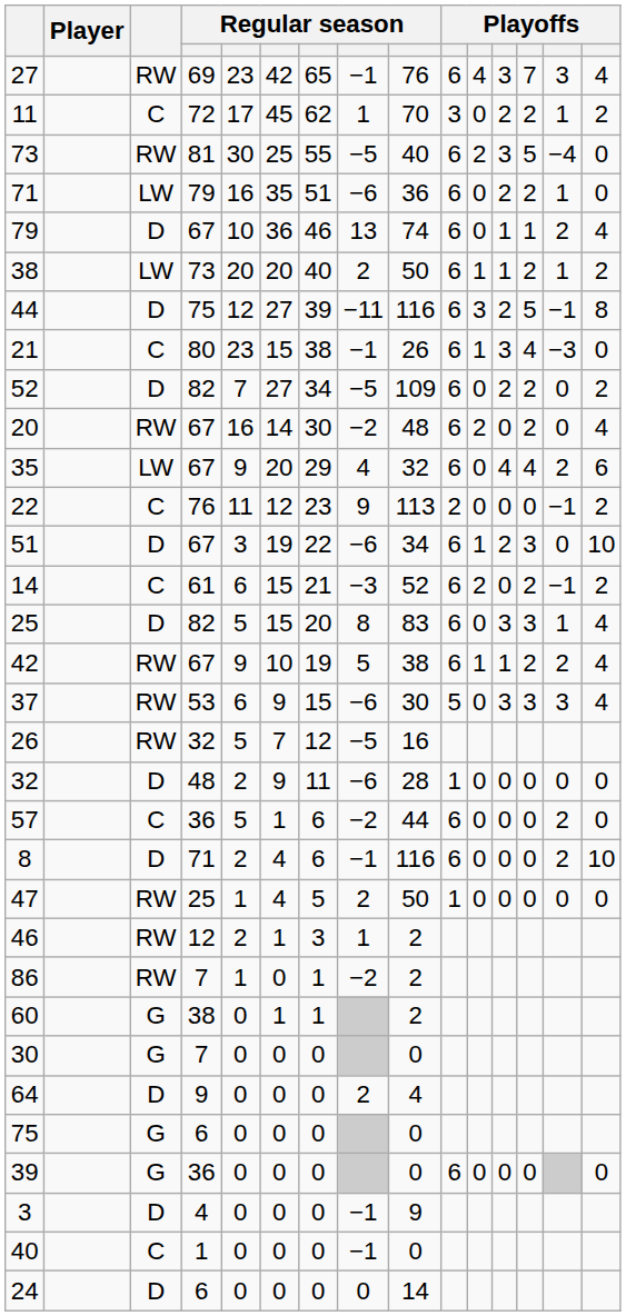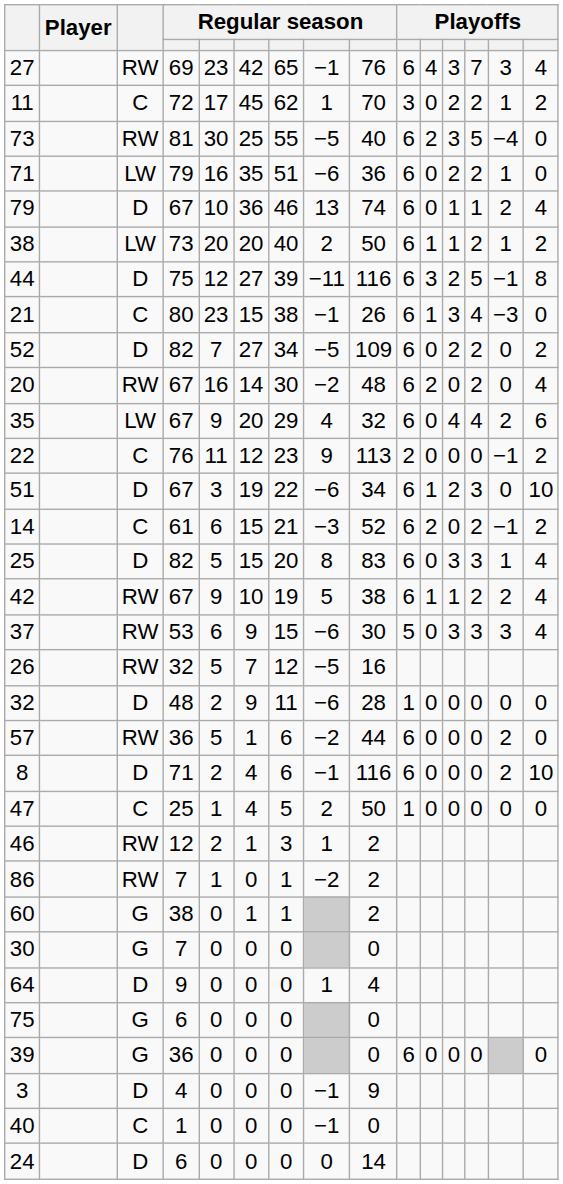 <table class="wikitable sortable plainrowheaders" style="text-align:center;">
 <tr>
 <th scope="col" data-sort-type="number" rowspan="2"></th>
 <th scope="col" rowspan="2">Player</th>
 <th scope="col" rowspan="2"></th>
 <th scope=colgroup colspan=6>Regular season</th>
 <th scope=colgroup colspan=6>Playoffs</th>
 </tr>
 <tr>
 <th scope="col" data-sort-type="number"></th>
 <th scope="col" data-sort-type="number"></th>
 <th scope="col" data-sort-type="number"></th>
 <th scope="col" data-sort-type="number"></th>
 <th scope="col" data-sort-type="number"></th>
 <th scope="col" data-sort-type="number"></th>
 <th scope="col" data-sort-type="number"></th>
 <th scope="col" data-sort-type="number"></th>
 <th scope="col" data-sort-type="number"></th>
 <th scope="col" data-sort-type="number"></th>
 <th scope="col" data-sort-type="number"></th>
 <th scope="col" data-sort-type="number"></th>
 </tr>
 <tr>
 <td scope="row">27</td>
 <td align="left"></td>
 <td>RW</td>
 <td>69</td>
 <td>23</td>
 <td>42</td>
 <td>65</td>
 <td>−1</td>
 <td>76</td>
 <td>6</td>
 <td>4</td>
 <td>3</td>
 <td>7</td>
 <td>3</td>
 <td>4</td>
 </tr>
 <tr>
 <td scope="row">11</td>
 <td align="left"></td>
 <td>C</td>
 <td>72</td>
 <td>17</td>
 <td>45</td>
 <td>62</td>
 <td>1</td>
 <td>70</td>
 <td>3</td>
 <td>0</td>
 <td>2</td>
 <td>2</td>
 <td>1</td>
 <td>2</td>
 </tr>
 <tr>
 <td scope="row">73</td>
 <td align="left"></td>
 <td>RW</td>
 <td>81</td>
 <td>30</td>
 <td>25</td>
 <td>55</td>
 <td>−5</td>
 <td>40</td>
 <td>6</td>
 <td>2</td>
 <td>3</td>
 <td>5</td>
 <td>−4</td>
 <td>0</td>
 </tr>
 <tr>
 <td scope="row">71</td>
 <td align="left"></td>
 <td>LW</td>
 <td>79</td>
 <td>16</td>
 <td>35</td>
 <td>51</td>
 <td>−6</td>
 <td>36</td>
 <td>6</td>
 <td>0</td>
 <td>2</td>
 <td>2</td>
 <td>1</td>
 <td>0</td>
 </tr>
 <tr>
 <td scope="row">79</td>
 <td align="left"></td>
 <td>D</td>
 <td>67</td>
 <td>10</td>
 <td>36</td>
 <td>46</td>
 <td>13</td>
 <td>74</td>
 <td>6</td>
 <td>0</td>
 <td>1</td>
 <td>1</td>
 <td>2</td>
 <td>4</td>
 </tr>
 <tr>
 <td scope="row">38</td>
 <td align="left"></td>
 <td>LW</td>
 <td>73</td>
 <td>20</td>
 <td>20</td>
 <td>40</td>
 <td>2</td>
 <td>50</td>
 <td>6</td>
 <td>1</td>
 <td>1</td>
 <td>2</td>
 <td>1</td>
 <td>2</td>
 </tr>
 <tr>
 <td scope="row">44</td>
 <td align="left"></td>
 <td>D</td>
 <td>75</td>
 <td>12</td>
 <td>27</td>
 <td>39</td>
 <td>−11</td>
 <td>116</td>
 <td>6</td>
 <td>3</td>
 <td>2</td>
 <td>5</td>
 <td>−1</td>
 <td>8</td>
 </tr>
 <tr>
 <td scope="row">21</td>
 <td align="left"></td>
 <td>C</td>
 <td>80</td>
 <td>23</td>
 <td>15</td>
 <td>38</td>
 <td>−1</td>
 <td>26</td>
 <td>6</td>
 <td>1</td>
 <td>3</td>
 <td>4</td>
 <td>−3</td>
 <td>0</td>
 </tr>
 <tr>
 <td scope="row">52</td>
 <td align="left"></td>
 <td>D</td>
 <td>82</td>
 <td>7</td>
 <td>27</td>
 <td>34</td>
 <td>−5</td>
 <td>109</td>
 <td>6</td>
 <td>0</td>
 <td>2</td>
 <td>2</td>
 <td>0</td>
 <td>2</td>
 </tr>
 <tr>
 <td scope="row">20</td>
 <td align="left"></td>
 <td>RW</td>
 <td>67</td>
 <td>16</td>
 <td>14</td>
 <td>30</td>
 <td>−2</td>
 <td>48</td>
 <td>6</td>
 <td>2</td>
 <td>0</td>
 <td>2</td>
 <td>0</td>
 <td>4</td>
 </tr>
 <tr>
 <td scope="row">35</td>
 <td align="left"></td>
 <td>LW</td>
 <td>67</td>
 <td>9</td>
 <td>20</td>
 <td>29</td>
 <td>4</td>
 <td>32</td>
 <td>6</td>
 <td>0</td>
 <td>4</td>
 <td>4</td>
 <td>2</td>
 <td>6</td>
 </tr>
 <tr>
 <td scope="row">22</td>
 <td align="left"></td>
 <td>C</td>
 <td>76</td>
 <td>11</td>
 <td>12</td>
 <td>23</td>
 <td>9</td>
 <td>113</td>
 <td>2</td>
 <td>0</td>
 <td>0</td>
 <td>0</td>
 <td>−1</td>
 <td>2</td>
 </tr>
 <tr>
 <td scope="row">51</td>
 <td align="left"></td>
 <td>D</td>
 <td>67</td>
 <td>3</td>
 <td>19</td>
 <td>22</td>
 <td>−6</td>
 <td>34</td>
 <td>6</td>
 <td>1</td>
 <td>2</td>
 <td>3</td>
 <td>0</td>
 <td>10</td>
 </tr>
 <tr>
 <td scope="row">14</td>
 <td align="left"></td>
 <td>C</td>
 <td>61</td>
 <td>6</td>
 <td>15</td>
 <td>21</td>
 <td>−3</td>
 <td>52</td>
 <td>6</td>
 <td>2</td>
 <td>0</td>
 <td>2</td>
 <td>−1</td>
 <td>2</td>
 </tr>
 <tr>
 <td scope="row">25</td>
 <td align="left"></td>
 <td>D</td>
 <td>82</td>
 <td>5</td>
 <td>15</td>
 <td>20</td>
 <td>8</td>
 <td>83</td>
 <td>6</td>
 <td>0</td>
 <td>3</td>
 <td>3</td>
 <td>1</td>
 <td>4</td>
 </tr>
 <tr>
 <td scope="row">42</td>
 <td align="left"></td>
 <td>RW</td>
 <td>67</td>
 <td>9</td>
 <td>10</td>
 <td>19</td>
 <td>5</td>
 <td>38</td>
 <td>6</td>
 <td>1</td>
 <td>1</td>
 <td>2</td>
 <td>2</td>
 <td>4</td>
 </tr>
 <tr>
 <td scope="row">37</td>
 <td align="left"></td>
 <td>RW</td>
 <td>53</td>
 <td>6</td>
 <td>9</td>
 <td>15</td>
 <td>−6</td>
 <td>30</td>
 <td>5</td>
 <td>0</td>
 <td>3</td>
 <td>3</td>
 <td>3</td>
 <td>4</td>
 </tr>
 <tr>
 <td scope="row">26</td>
 <td align="left"></td>
 <td>RW</td>
 <td>32</td>
 <td>5</td>
 <td>7</td>
 <td>12</td>
 <td>−5</td>
 <td>16</td>
 <td></td>
 <td></td>
 <td></td>
 <td></td>
 <td></td>
 <td></td>
 </tr>
 <tr>
 <td scope="row">32</td>
 <td align="left"></td>
 <td>D</td>
 <td>48</td>
 <td>2</td>
 <td>9</td>
 <td>11</td>
 <td>−6</td>
 <td>28</td>
 <td>1</td>
 <td>0</td>
 <td>0</td>
 <td>0</td>
 <td>0</td>
 <td>0</td>
 </tr>
 <tr>
 <td scope="row">57</td>
 <td align="left"></td>
-<td>C</td>
+<td>RW</td>
 <td>36</td>
 <td>5</td>
 <td>1</td>
 <td>6</td>
 <td>−2</td>
 <td>44</td>
 <td>6</td>
 <td>0</td>
 <td>0</td>
 <td>0</td>
 <td>2</td>
 <td>0</td>
 </tr>
 <tr>
 <td scope="row">8</td>
 <td align="left"></td>
 <td>D</td>
 <td>71</td>
 <td>2</td>
 <td>4</td>
 <td>6</td>
 <td>−1</td>
 <td>116</td>
 <td>6</td>
 <td>0</td>
 <td>0</td>
 <td>0</td>
 <td>2</td>
 <td>10</td>
 </tr>
 <tr>
 <td scope="row">47</td>
 <td align="left"></td>
-<td>RW</td>
+<td>C</td>
 <td>25</td>
 <td>1</td>
 <td>4</td>
 <td>5</td>
 <td>2</td>
 <td>50</td>
 <td>1</td>
 <td>0</td>
 <td>0</td>
 <td>0</td>
 <td>0</td>
 <td>0</td>
 </tr>
 <tr>
 <td scope="row">46</td>
 <td align="left"></td>
 <td>RW</td>
 <td>12</td>
 <td>2</td>
 <td>1</td>
 <td>3</td>
 <td>1</td>
 <td>2</td>
 <td></td>
 <td></td>
 <td></td>
 <td></td>
 <td></td>
 <td></td>
 </tr>
 <tr>
 <td scope="row">86</td>
 <td align="left"></td>
 <td>RW</td>
 <td>7</td>
 <td>1</td>
 <td>0</td>
 <td>1</td>
 <td>−2</td>
 <td>2</td>
 <td></td>
 <td></td>
 <td></td>
 <td></td>
 <td></td>
 <td></td>
 </tr>
 <tr>
 <td scope="row">60</td>
 <td align="left"></td>
 <td>G</td>
 <td>38</td>
 <td>0</td>
 <td>1</td>
 <td>1</td>
 <td style="background:#ccc"></td>
 <td>2</td>
 <td></td>
 <td></td>
 <td></td>
 <td></td>
 <td></td>
 <td></td>
 </tr>
 <tr>
 <td scope="row">30</td>
 <td align="left"></td>
 <td>G</td>
 <td>7</td>
 <td>0</td>
 <td>0</td>
 <td>0</td>
 <td style="background:#ccc"></td>
 <td>0</td>
 <td></td>
 <td></td>
 <td></td>
 <td></td>
 <td></td>
 <td></td>
 </tr>
 <tr>
 <td scope="row">64</td>
 <td align="left"></td>
 <td>D</td>
 <td>9</td>
 <td>0</td>
 <td>0</td>
 <td>0</td>
-<td>2</td>
+<td>1</td>
 <td>4</td>
 <td></td>
 <td></td>
 <td></td>
 <td></td>
 <td></td>
 <td></td>
 </tr>
 <tr>
 <td scope="row">75</td>
 <td align="left"></td>
 <td>G</td>
 <td>6</td>
 <td>0</td>
 <td>0</td>
 <td>0</td>
 <td style="background:#ccc"></td>
 <td>0</td>
 <td></td>
 <td></td>
 <td></td>
 <td></td>
 <td></td>
 <td></td>
 </tr>
 <tr>
 <td scope="row">39</td>
 <td align="left"></td>
 <td>G</td>
 <td>36</td>
 <td>0</td>
 <td>0</td>
 <td>0</td>
 <td style="background:#ccc"></td>
 <td>0</td>
 <td>6</td>
 <td>0</td>
 <td>0</td>
 <td>0</td>
 <td style="background:#ccc"></td>
 <td>0</td>
 </tr>
 <tr>
 <td scope="row">3</td>
 <td align="left"></td>
 <td>D</td>
 <td>4</td>
 <td>0</td>
 <td>0</td>
 <td>0</td>
 <td>−1</td>
 <td>9</td>
 <td></td>
 <td></td>
 <td></td>
 <td></td>
 <td></td>
 <td></td>
 </tr>
 <tr>
 <td scope="row">40</td>
 <td align="left"></td>
 <td>C</td>
 <td>1</td>
 <td>0</td>
 <td>0</td>
 <td>0</td>
 <td>−1</td>
 <td>0</td>
 <td></td>
 <td></td>
 <td></td>
 <td></td>
 <td></td>
 <td></td>
 </tr>
 <tr>
 <td scope="row">24</td>
 <td align="left"></td>
 <td>D</td>
 <td>6</td>
 <td>0</td>
 <td>0</td>
 <td>0</td>
 <td>0</td>
 <td>14</td>
 <td></td>
 <td></td>
 <td></td>
 <td></td>
 <td></td>
 <td></td>
 </tr>
 </table>
